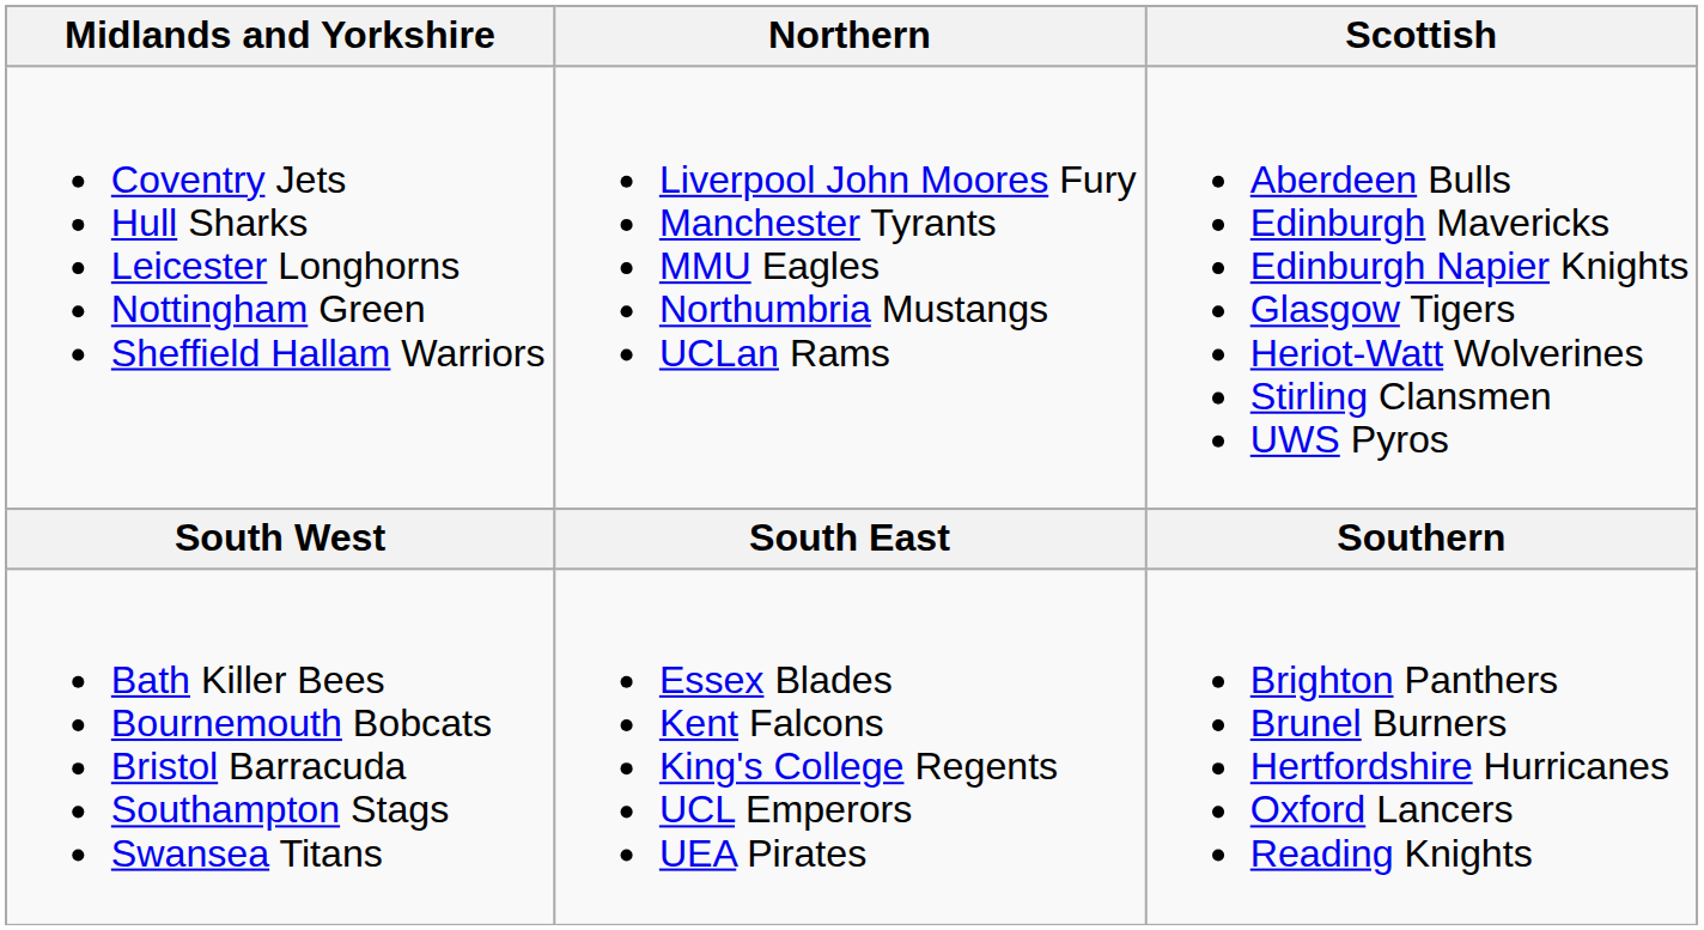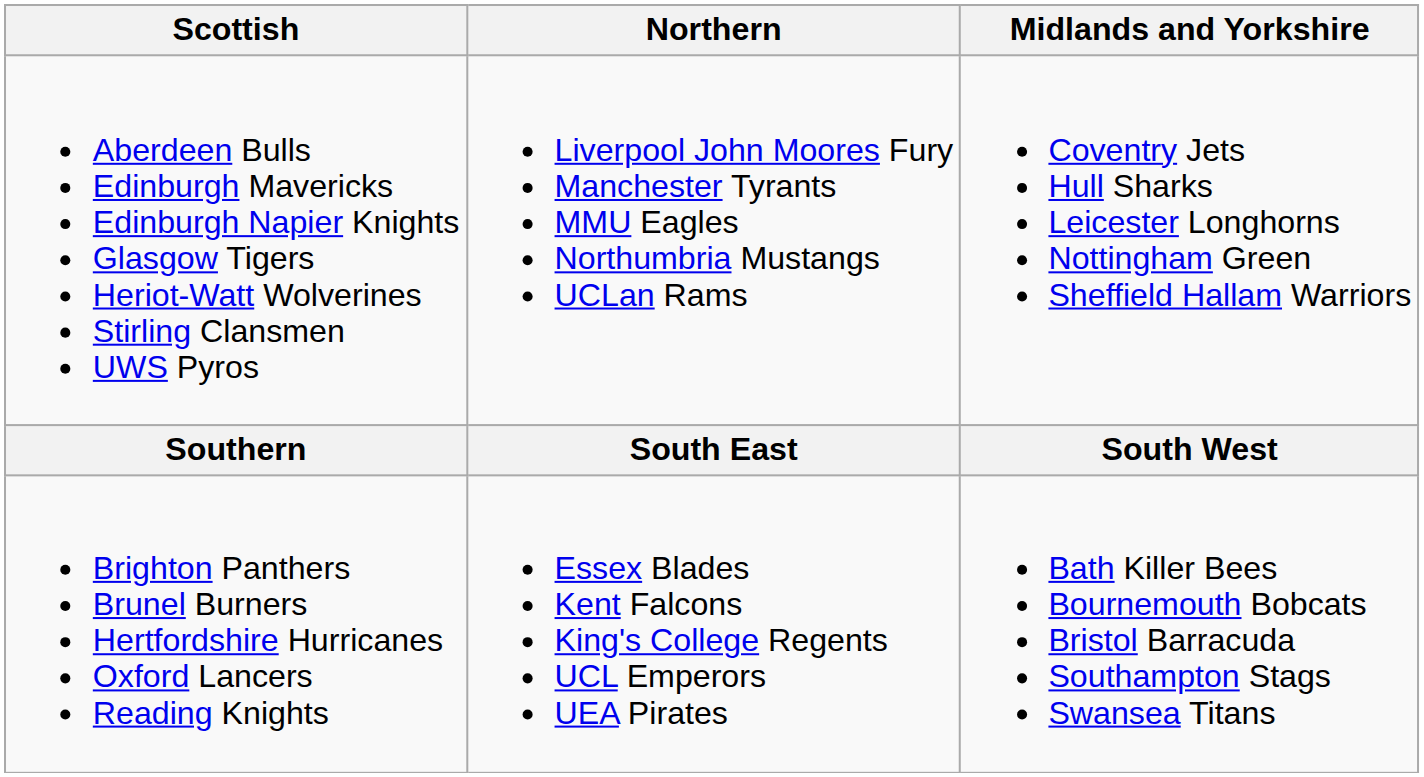 <table class="wikitable">
 <tr>
+<th>Scottish</th>
+<th>Northern</th>
 <th>Midlands and Yorkshire</th>
-<th>Northern</th>
-<th>Scottish</th>
 </tr>
 <tr valign="top">
+<td><br><ul><li><a href='#'>Aberdeen</a> Bulls</li><li><a href='#'>Edinburgh</a> Mavericks</li><li><a href='#'>Edinburgh Napier</a> Knights</li><li><a href='#'>Glasgow</a> Tigers</li><li><a href='#'>Heriot-Watt</a> Wolverines</li><li><a href='#'>Stirling</a> Clansmen</li><li><a href='#'>UWS</a> Pyros</li></ul></td>
+<td><br><ul><li><a href='#'>Liverpool John Moores</a> Fury</li><li><a href='#'>Manchester</a> Tyrants</li><li><a href='#'>MMU</a> Eagles</li><li><a href='#'>Northumbria</a> Mustangs</li><li><a href='#'>UCLan</a> Rams</li></ul></td>
 <td><br><ul><li><a href='#'>Coventry</a> Jets</li><li><a href='#'>Hull</a> Sharks</li><li><a href='#'>Leicester</a> Longhorns</li><li><a href='#'>Nottingham</a> Green</li><li><a href='#'>Sheffield Hallam</a> Warriors</li></ul></td>
-<td><br><ul><li><a href='#'>Liverpool John Moores</a> Fury</li><li><a href='#'>Manchester</a> Tyrants</li><li><a href='#'>MMU</a> Eagles</li><li><a href='#'>Northumbria</a> Mustangs</li><li><a href='#'>UCLan</a> Rams</li></ul></td>
-<td><br><ul><li><a href='#'>Aberdeen</a> Bulls</li><li><a href='#'>Edinburgh</a> Mavericks</li><li><a href='#'>Edinburgh Napier</a> Knights</li><li><a href='#'>Glasgow</a> Tigers</li><li><a href='#'>Heriot-Watt</a> Wolverines</li><li><a href='#'>Stirling</a> Clansmen</li><li><a href='#'>UWS</a> Pyros</li></ul></td>
 </tr>
 <tr valign="top">
+<th>Southern</th>
+<th>South East</th>
 <th>South West</th>
-<th>South East</th>
-<th>Southern</th>
 </tr>
 <tr valign="top">
+<td><br><ul><li><a href='#'>Brighton</a> Panthers</li><li><a href='#'>Brunel</a> Burners</li><li><a href='#'>Hertfordshire</a> Hurricanes</li><li><a href='#'>Oxford</a> Lancers</li><li><a href='#'>Reading</a> Knights</li></ul></td>
+<td><br><ul><li><a href='#'>Essex</a> Blades</li><li><a href='#'>Kent</a> Falcons</li><li><a href='#'>King's College</a> Regents</li><li><a href='#'>UCL</a> Emperors</li><li><a href='#'>UEA</a> Pirates</li></ul></td>
 <td><br><ul><li><a href='#'>Bath</a> Killer Bees</li><li><a href='#'>Bournemouth</a> Bobcats</li><li><a href='#'>Bristol</a> Barracuda</li><li><a href='#'>Southampton</a> Stags</li><li><a href='#'>Swansea</a> Titans</li></ul></td>
-<td><br><ul><li><a href='#'>Essex</a> Blades</li><li><a href='#'>Kent</a> Falcons</li><li><a href='#'>King's College</a> Regents</li><li><a href='#'>UCL</a> Emperors</li><li><a href='#'>UEA</a> Pirates</li></ul></td>
-<td><br><ul><li><a href='#'>Brighton</a> Panthers</li><li><a href='#'>Brunel</a> Burners</li><li><a href='#'>Hertfordshire</a> Hurricanes</li><li><a href='#'>Oxford</a> Lancers</li><li><a href='#'>Reading</a> Knights</li></ul></td>
 </tr>
 </table>
